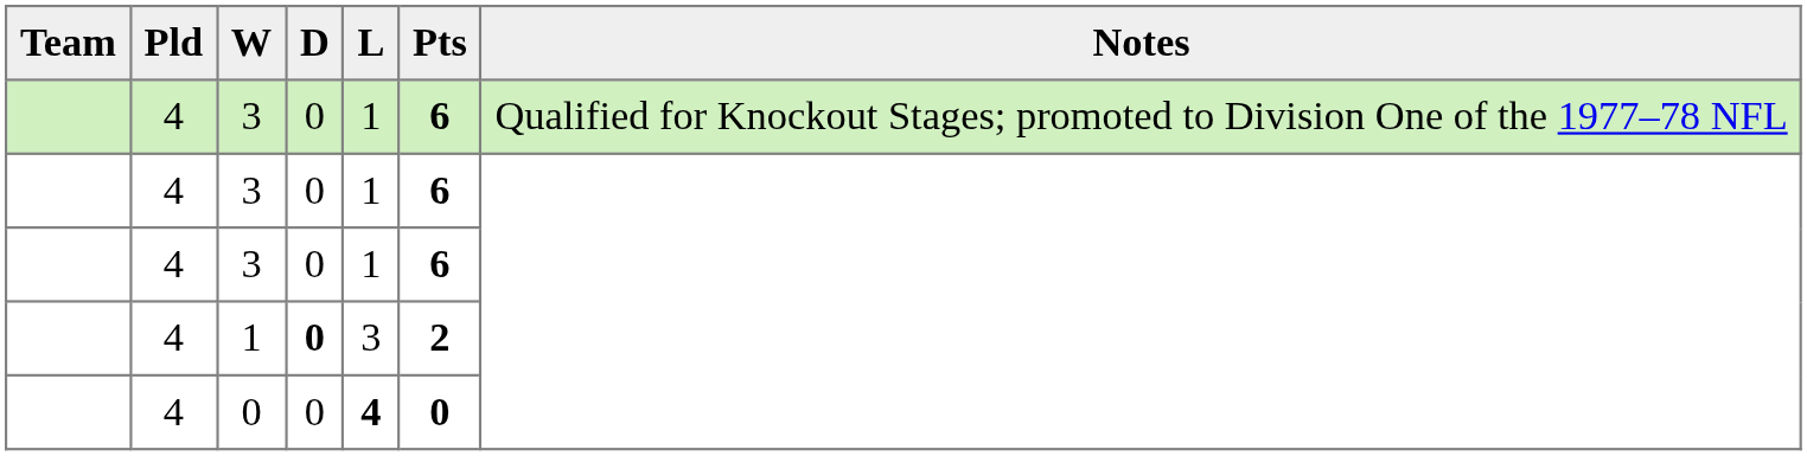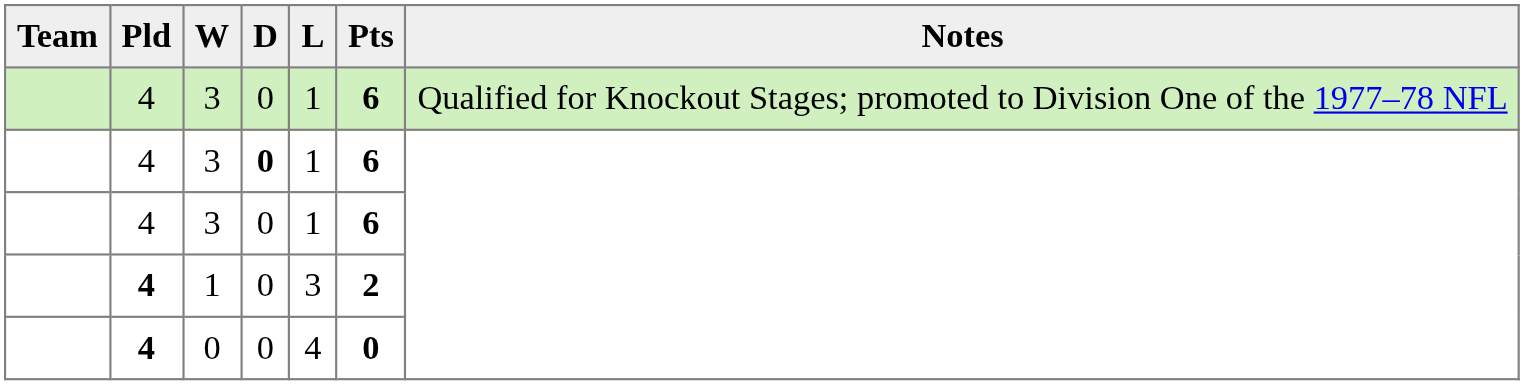 <table style=border-collapse:collapse border=1 cellspacing=0 cellpadding=5>
 <tr align=center bgcolor=#efefef>
 <th>Team</th>
 <th>Pld</th>
 <th>W</th>
 <th>D</th>
 <th>L</th>
 <th>Pts</th>
 <th>Notes</th>
 </tr>
 <tr align=center style="background:#D0F0C0;">
 <td style="text-align:left;"> </td>
 <td>4</td>
 <td>3</td>
 <td>0</td>
 <td>1</td>
 <td><strong>6</strong></td>
 <td rowspan=1>Qualified for Knockout Stages; promoted to Division One of the <a href='#'>1977–78 NFL</a></td>
 </tr>
 <tr align=center style="background:#FFFFFF;">
 <td style="text-align:left;"> </td>
 <td>4</td>
 <td>3</td>
-<td>0</td>
+<td><strong>0</strong></td>
 <td>1</td>
 <td><strong>6</strong></td>
 <td rowspan=4></td>
 </tr>
 <tr align=center style="background:#FFFFFF;">
 <td style="text-align:left;"> </td>
 <td>4</td>
 <td>3</td>
 <td>0</td>
 <td>1</td>
 <td><strong>6</strong></td>
 </tr>
 <tr align=center style="background:#FFFFFF;">
 <td style="text-align:left;"> </td>
-<td>4</td>
+<td><strong>4</strong></td>
 <td>1</td>
-<td><strong>0</strong></td>
+<td>0</td>
 <td>3</td>
 <td><strong>2</strong></td>
 </tr>
 <tr align=center style="background:#FFFFFF;">
 <td style="text-align:left;"> </td>
-<td>4</td>
+<td><strong>4</strong></td>
 <td>0</td>
 <td>0</td>
-<td><strong>4</strong></td>
+<td>4</td>
 <td><strong>0</strong></td>
 </tr>
 </table>
